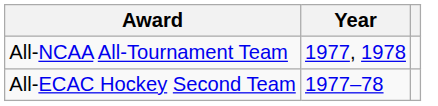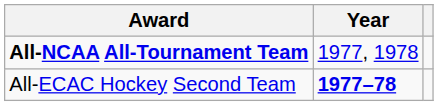 <table class="wikitable">
 <tr>
 <th>Award</th>
 <th>Year</th>
 <th></th>
 </tr>
 <tr>
-<td>All-<a href='#'>NCAA</a> <a href='#'>All-Tournament Team</a></td>
+<td><strong>All-<a href='#'>NCAA</a> <a href='#'>All-Tournament Team</a></strong></td>
 <td><a href='#'>1977</a>, <a href='#'>1978</a></td>
 <td></td>
 </tr>
 <tr>
 <td>All-<a href='#'>ECAC Hockey</a> <a href='#'>Second Team</a></td>
-<td><a href='#'>1977–78</a></td>
+<td><strong><a href='#'>1977–78</a></strong></td>
 <td></td>
 </tr>
 </table>
